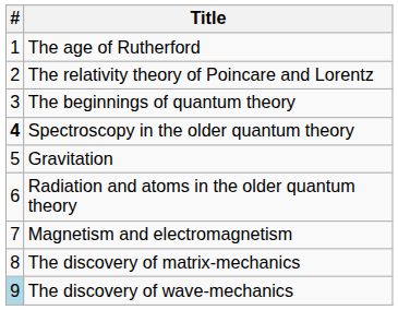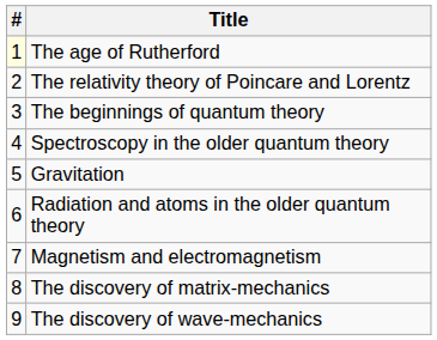 <table class="wikitable" style="float: right; width: 22em; margin-left: 1em">
 <tr>
 <th scope="col">#</th>
 <th scope="col">Title</th>
 </tr>
 <tr>
-<td>1</td>
+<td style="background: lightyellow;">1</td>
 <td>The age of Rutherford</td>
 </tr>
 <tr>
 <td>2</td>
 <td>The relativity theory of Poincare and Lorentz</td>
 </tr>
 <tr>
 <td>3</td>
 <td>The beginnings of quantum theory</td>
 </tr>
 <tr>
-<td><strong>4</strong></td>
+<td>4</td>
 <td>Spectroscopy in the older quantum theory</td>
 </tr>
 <tr>
 <td>5</td>
 <td>Gravitation</td>
 </tr>
 <tr>
 <td>6</td>
 <td>Radiation and atoms in the older quantum theory</td>
 </tr>
 <tr>
 <td>7</td>
 <td>Magnetism and electromagnetism</td>
 </tr>
 <tr>
 <td>8</td>
 <td>The discovery of matrix-mechanics</td>
 </tr>
 <tr>
-<td style="background: lightblue;">9</td>
+<td>9</td>
 <td>The discovery of wave-mechanics</td>
 </tr>
 </table>
